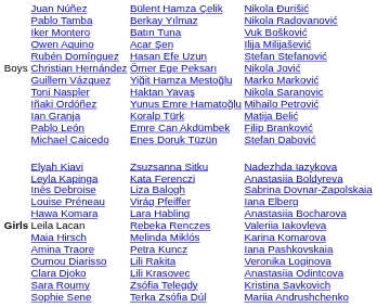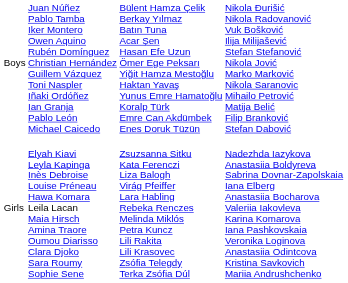 <table>
 <tr>
 <td>Boys</td>
 <td><br><a href='#'>Juan Núñez</a><br><a href='#'>Pablo Tamba</a><br><a href='#'>Iker Montero</a><br><a href='#'>Owen Aquino</a><br><a href='#'>Rubén Domínguez</a><br><a href='#'>Christian Hernández</a><br><a href='#'>Guillem Vázquez</a><br><a href='#'>Toni Naspler</a><br><a href='#'>Iñaki Ordóñez</a><br><a href='#'>Ian Granja</a><br><a href='#'>Pablo León</a><br><a href='#'>Michael Caicedo</a></td>
 <td><br><a href='#'>Bülent Hamza Çelik</a><br><a href='#'>Berkay Yılmaz</a><br><a href='#'>Batın Tuna</a><br><a href='#'>Acar Şen</a><br><a href='#'>Hasan Efe Uzun</a><br><a href='#'>Ömer Ege Peksarı</a><br><a href='#'>Yiğit Hamza Mestoğlu</a><br><a href='#'>Haktan Yavaş</a><br><a href='#'>Yunus Emre Hamatoğlu</a><br><a href='#'>Koralp Türk</a><br><a href='#'>Emre Can Akdümbek</a><br><a href='#'>Enes Doruk Tüzün</a></td>
 <td><br><a href='#'>Nikola Đurišić</a><br><a href='#'>Nikola Radovanović</a><br><a href='#'>Vuk Bošković</a><br><a href='#'>Ilija Milijašević</a><br><a href='#'>Stefan Stefanović</a><br><a href='#'>Nikola Jović</a><br><a href='#'>Marko Marković</a><br><a href='#'>Nikola Saranovic</a><br><a href='#'>Mihailo Petrović</a><br><a href='#'>Matija Belić</a><br><a href='#'>Filip Branković</a><br><a href='#'>Stefan Dabović</a></td>
 </tr>
 <tr>
-<td><strong>Girls</strong></td>
+<td>Girls</td>
 <td><br><a href='#'>Elyah Kiavi</a><br><a href='#'>Leyla Kapinga</a><br><a href='#'>Inès Debroise</a><br><a href='#'>Louise Préneau</a><br><a href='#'>Hawa Komara</a><br>Leila Lacan<br><a href='#'>Maia Hirsch</a><br><a href='#'>Amina Traore</a><br><a href='#'>Oumou Diarisso</a><br><a href='#'>Clara Djoko</a><br><a href='#'>Sara Roumy</a><br><a href='#'>Sophie Sene</a></td>
 <td><br><a href='#'>Zsuzsanna Sitku</a><br><a href='#'>Kata Ferenczi</a><br><a href='#'>Liza Balogh</a><br><a href='#'>Virág Pfeiffer</a><br><a href='#'>Lara Habling</a><br><a href='#'>Rebeka Renczes</a><br><a href='#'>Melinda Miklós</a><br><a href='#'>Petra Kuncz</a><br><a href='#'>Lili Rakita</a><br><a href='#'>Lili Krasovec</a><br><a href='#'>Zsófia Telegdy</a><br><a href='#'>Terka Zsófia Dúl</a></td>
 <td><br><a href='#'>Nadezhda Iazykova</a><br><a href='#'>Anastasiia Boldyreva</a><br><a href='#'>Sabrina Dovnar-Zapolskaia</a><br><a href='#'>Iana Elberg</a><br><a href='#'>Anastasiia Bocharova</a><br><a href='#'>Valeriia Iakovleva</a><br><a href='#'>Karina Komarova</a><br><a href='#'>Iana Pashkovskaia</a><br><a href='#'>Veronika Loginova</a><br><a href='#'>Anastasiia Odintcova</a><br><a href='#'>Kristina Savkovich</a><br><a href='#'>Mariia Andrushchenko</a></td>
 </tr>
 </table>
